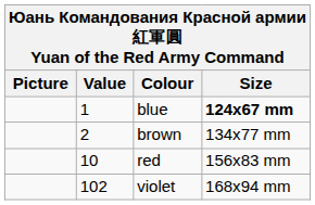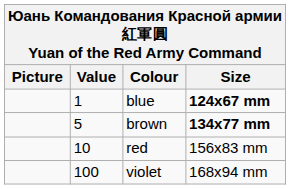 <table class="wikitable">
 <tr>
 <th colspan="5">Юань Командования Красной армии<br>紅軍圓<br>Yuan of the Red Army Command</th>
 </tr>
 <tr>
 <th>Picture</th>
 <th>Value</th>
 <th>Colour</th>
 <th>Size</th>
 </tr>
 <tr>
 <td></td>
 <td>1</td>
 <td>blue</td>
 <td><strong>124х67 mm</strong></td>
 </tr>
 <tr>
 <td></td>
-<td>2</td>
+<td>5</td>
 <td>brown</td>
-<td>134х77 mm</td>
+<td><strong>134х77 mm</strong></td>
 </tr>
 <tr>
 <td></td>
 <td>10</td>
 <td>red</td>
 <td>156х83 mm</td>
 </tr>
 <tr>
 <td></td>
-<td>102</td>
+<td>100</td>
 <td>violet</td>
 <td>168х94 mm</td>
 </tr>
 </table>
